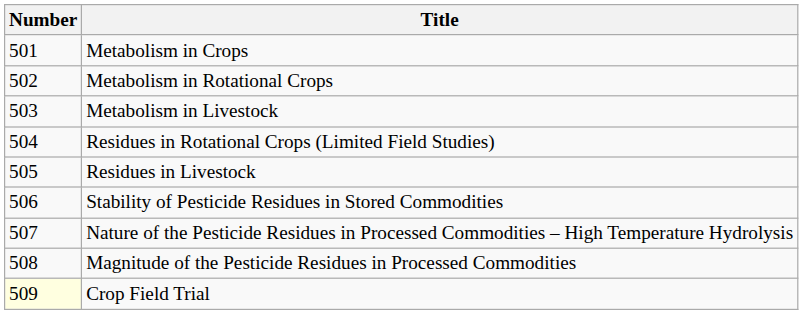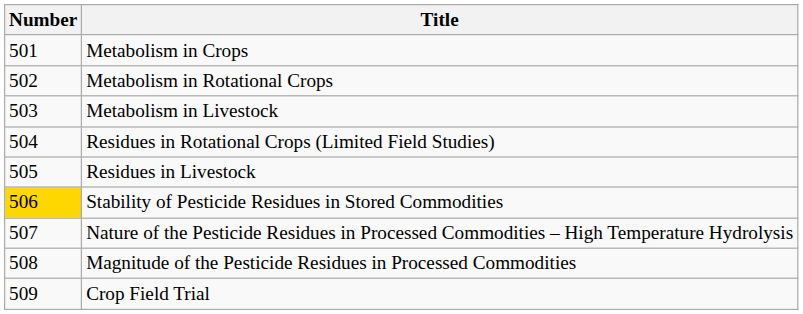 <table class="wikitable">
 <tr>
 <th>Number</th>
 <th>Title</th>
 </tr>
 <tr>
 <td>501</td>
 <td>Metabolism in Crops</td>
 </tr>
 <tr>
 <td>502</td>
 <td>Metabolism in Rotational Crops</td>
 </tr>
 <tr>
 <td>503</td>
 <td>Metabolism in Livestock</td>
 </tr>
 <tr>
 <td>504</td>
 <td>Residues in Rotational Crops (Limited Field Studies)</td>
 </tr>
 <tr>
 <td>505</td>
 <td>Residues in Livestock</td>
 </tr>
 <tr>
-<td>506</td>
+<td style="background: gold;">506</td>
 <td>Stability of Pesticide Residues in Stored Commodities</td>
 </tr>
 <tr>
 <td>507</td>
 <td>Nature of the Pesticide Residues in Processed Commodities – High Temperature Hydrolysis</td>
 </tr>
 <tr>
 <td>508</td>
 <td>Magnitude of the Pesticide Residues in Processed Commodities</td>
 </tr>
 <tr>
-<td style="background: lightyellow;">509</td>
+<td>509</td>
 <td>Crop Field Trial</td>
 </tr>
 </table>
